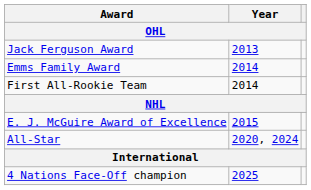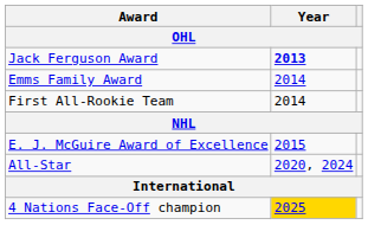 <table class="wikitable">
 <tr>
 <th scope=col>Award</th>
 <th scope=col>Year</th>
 <th scope=col></th>
 </tr>
 <tr>
 <th colspan="3"><a href='#'>OHL</a></th>
 </tr>
 <tr>
 <td><a href='#'>Jack Ferguson Award</a></td>
-<td><a href='#'>2013</a></td>
+<td><strong><a href='#'>2013</a></strong></td>
 <td></td>
 </tr>
 <tr>
 <td><a href='#'>Emms Family Award</a></td>
 <td><a href='#'>2014</a></td>
 <td></td>
 </tr>
 <tr>
 <td>First All-Rookie Team</td>
 <td>2014</td>
 <td></td>
 </tr>
 <tr>
 <th colspan="3"><a href='#'>NHL</a></th>
 </tr>
 <tr>
 <td><a href='#'>E. J. McGuire Award of Excellence</a></td>
 <td><a href='#'>2015</a></td>
 <td></td>
 </tr>
 <tr>
 <td><a href='#'>All-Star</a></td>
 <td><a href='#'>2020</a>, <a href='#'>2024</a></td>
 <td></td>
 </tr>
 <tr>
 <th colspan="3">International</th>
 </tr>
 <tr>
 <td><a href='#'>4 Nations Face-Off</a> champion</td>
-<td><a href='#'>2025</a></td>
+<td style="background: gold;"><a href='#'>2025</a></td>
 <td></td>
 </tr>
 </table>
